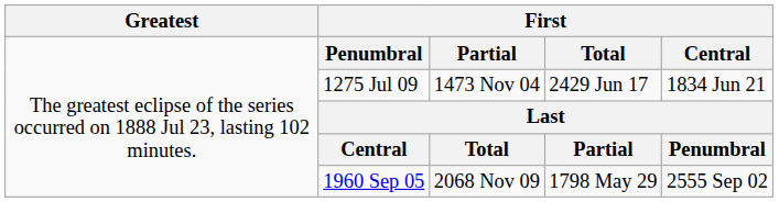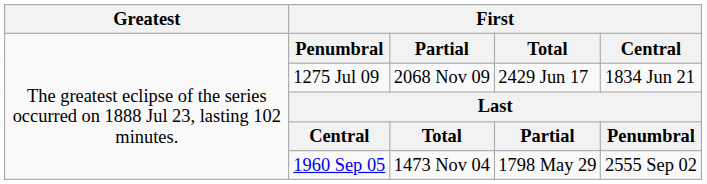 <table class=wikitable>
 <tr>
 <th>Greatest</th>
 <th colspan=4>First</th>
 </tr>
 <tr>
 <td rowspan=6 width=240 align=center><br>The greatest eclipse of the series occurred on 1888 Jul 23, lasting 102 minutes.</td>
 <th>Penumbral</th>
 <th>Partial</th>
 <th>Total</th>
 <th>Central</th>
 </tr>
 <tr>
 <td>1275 Jul 09</td>
-<td>1473 Nov 04</td>
+<td>2068 Nov 09</td>
 <td>2429 Jun 17</td>
 <td>1834 Jun 21</td>
 </tr>
 <tr>
 <th colspan=4>Last</th>
 </tr>
 <tr>
 <th>Central</th>
 <th>Total</th>
 <th>Partial</th>
 <th>Penumbral</th>
 </tr>
 <tr>
 <td><a href='#'>1960 Sep 05</a></td>
-<td>2068 Nov 09</td>
+<td>1473 Nov 04</td>
 <td>1798 May 29</td>
 <td>2555 Sep 02</td>
 </tr>
 </table>
